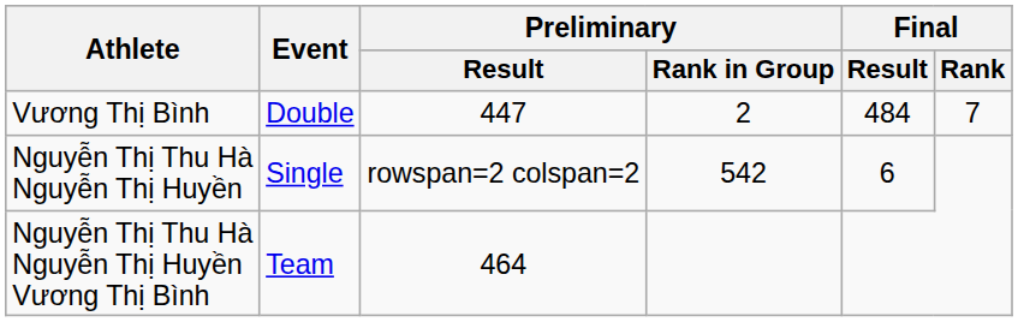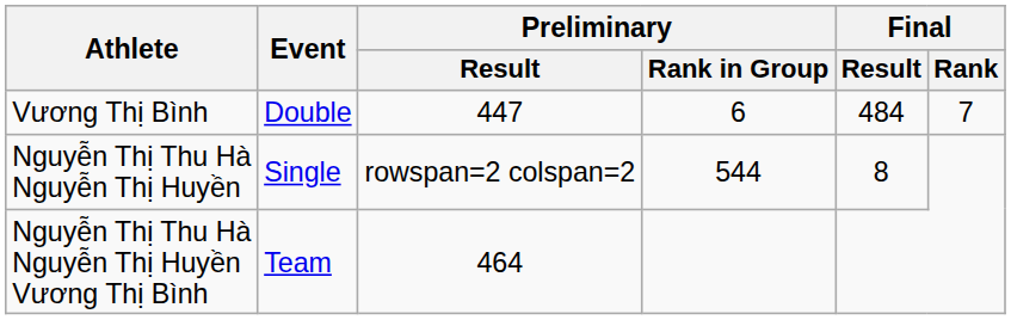 <table class=wikitable style=font-size:90%;text-align:center>
 <tr>
 <th rowspan="2">Athlete</th>
 <th rowspan="2">Event</th>
 <th colspan="2">Preliminary</th>
 <th colspan="2">Final</th>
 </tr>
 <tr style="font-size:95%">
 <th>Result</th>
 <th>Rank in Group</th>
 <th>Result</th>
 <th>Rank</th>
 </tr>
 <tr>
 <td align=left>Vương Thị Bình</td>
 <td align=left><a href='#'>Double</a></td>
 <td>447</td>
-<td>2</td>
+<td>6</td>
 <td>484</td>
 <td>7</td>
 </tr>
 <tr>
 <td align=left>Nguyễn Thị Thu Hà<br>Nguyễn Thị Huyền</td>
 <td align=left><a href='#'>Single</a></td>
 <td>rowspan=2 colspan=2</td>
-<td>542</td>
-<td>6</td>
+<td>544</td>
+<td>8</td>
 </tr>
 <tr>
 <td align=left>Nguyễn Thị Thu Hà<br>Nguyễn Thị Huyền<br>Vương Thị Bình</td>
 <td align=left><a href='#'>Team</a></td>
 <td>464</td>
 <td></td>
 </tr>
 </table>
